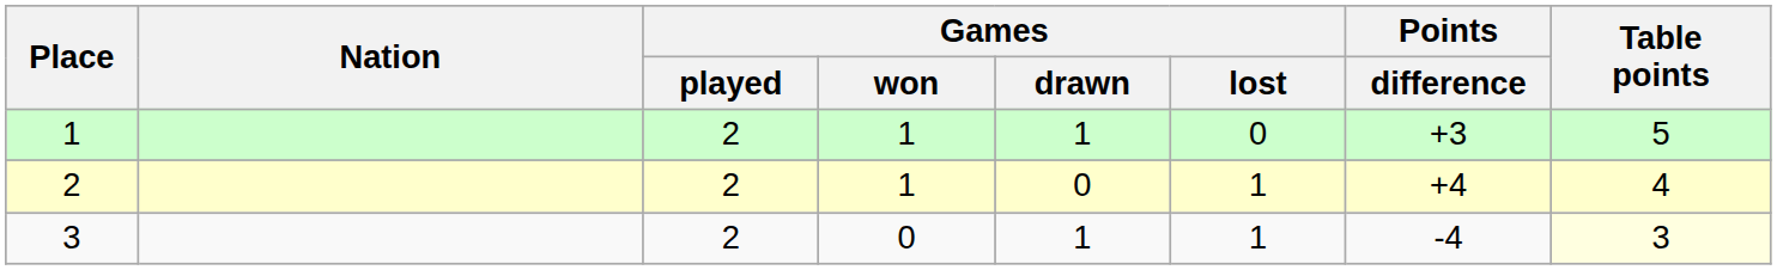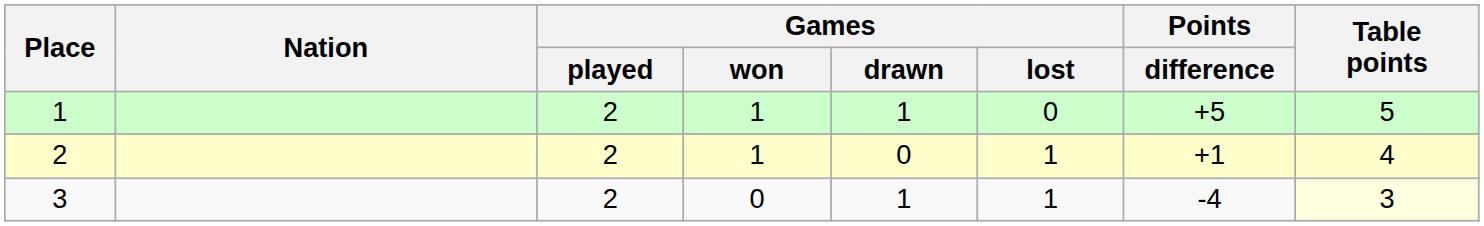 <table class="wikitable">
 <tr>
 <th rowspan="2" width="6%">Place</th>
 <th rowspan="2" width="23%">Nation</th>
 <th colspan="4" width="40%">Games</th>
 <th>Points</th>
 <th rowspan="2" width="10%">Table<br>points</th>
 </tr>
 <tr>
 <th width="8%">played</th>
 <th width="8%">won</th>
 <th width="8%">drawn</th>
 <th width="8%">lost</th>
 <th width="8%">difference</th>
 </tr>
 <tr bgcolor="ccffcc" align="center">
 <td>1</td>
 <td align="left"></td>
 <td>2</td>
 <td>1</td>
 <td>1</td>
 <td>0</td>
-<td>+3</td>
+<td>+5</td>
 <td>5</td>
 </tr>
 <tr bgcolor="ffffcc" align="center">
 <td>2</td>
 <td align="left"></td>
 <td>2</td>
 <td>1</td>
 <td>0</td>
 <td>1</td>
-<td>+4</td>
+<td>+1</td>
 <td>4</td>
 </tr>
 <tr align="center">
 <td>3</td>
 <td align="left"></td>
 <td>2</td>
 <td>0</td>
 <td>1</td>
 <td>1</td>
 <td>-4</td>
 <td style="background: lightyellow;">3</td>
 </tr>
 </table>
